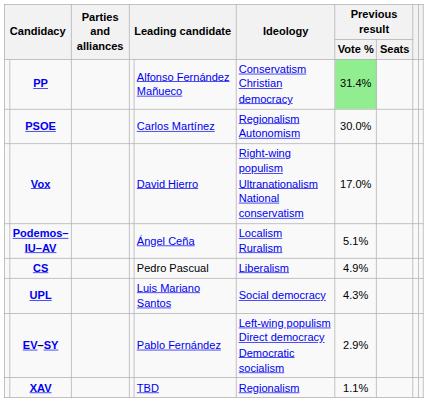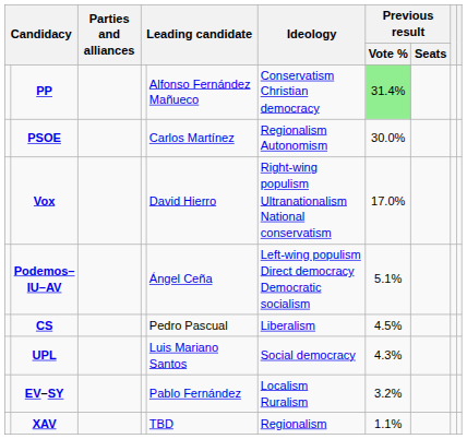 <table class="wikitable" style="line-height:1.35em; text-align:left;">
 <tr>
 <th colspan="2" rowspan="2">Candidacy</th>
 <th rowspan="2">Parties and<br>alliances</th>
 <th colspan="2" rowspan="2">Leading candidate</th>
 <th rowspan="2">Ideology</th>
 <th colspan="2">Previous result</th>
 <th rowspan="2"></th>
 <th rowspan="2"></th>
 </tr>
 <tr>
 <th>Vote %</th>
 <th>Seats</th>
 </tr>
 <tr>
 <td width="1" style="color:inherit;background:"></td>
 <td align="center"><strong><a href='#'>PP</a></strong></td>
 <td></td>
 <td></td>
 <td><a href='#'>Alfonso Fernández Mañueco</a></td>
 <td><a href='#'>Conservatism</a><br><a href='#'>Christian democracy</a></td>
 <td align="center" style="background: lightgreen;">31.4%</td>
 <td></td>
 <td></td>
 <td></td>
 </tr>
 <tr>
 <td style="color:inherit;background:"></td>
 <td align="center"><strong><a href='#'>PSOE</a></strong></td>
 <td></td>
 <td></td>
 <td><a href='#'>Carlos Martínez</a></td>
 <td><a href='#'>Regionalism</a><br><a href='#'>Autonomism</a></td>
 <td align="center">30.0%</td>
 <td></td>
 <td></td>
 <td><br><br></td>
 </tr>
 <tr>
 <td style="color:inherit;background:"></td>
 <td align="center"><strong><a href='#'>Vox</a></strong></td>
 <td></td>
 <td></td>
 <td><a href='#'>David Hierro</a></td>
 <td><a href='#'>Right-wing populism</a><br><a href='#'>Ultranationalism</a><br><a href='#'>National conservatism</a></td>
 <td align="center">17.0%</td>
 <td></td>
 <td></td>
 <td><br></td>
 </tr>
 <tr>
 <td style="color:inherit;background:"></td>
 <td align="center"><strong><a href='#'>Podemos–<br>IU–AV</a></strong></td>
 <td></td>
 <td></td>
 <td><a href='#'>Ángel Ceña</a></td>
-<td><a href='#'>Localism</a><br><a href='#'>Ruralism</a></td>
+<td><a href='#'>Left-wing populism</a><br><a href='#'>Direct democracy</a><br><a href='#'>Democratic socialism</a></td>
 <td align="center">5.1%</td>
 <td></td>
 <td></td>
 <td></td>
 </tr>
 <tr>
 <td style="color:inherit;background:"></td>
 <td align="center"><strong><a href='#'>CS</a></strong></td>
 <td></td>
 <td></td>
 <td>Pedro Pascual</td>
 <td><a href='#'>Liberalism</a></td>
-<td align="center">4.9%</td>
+<td align="center">4.5%</td>
 <td></td>
 <td></td>
 <td></td>
 </tr>
 <tr>
 <td style="color:inherit;background:"></td>
 <td align="center"><strong><a href='#'>UPL</a></strong></td>
 <td></td>
 <td></td>
 <td><a href='#'>Luis Mariano Santos</a></td>
 <td><a href='#'>Social democracy</a></td>
 <td align="center">4.3%</td>
 <td></td>
 <td></td>
 <td></td>
 </tr>
 <tr>
 <td style="color:inherit;background:"></td>
 <td align="center"><strong><a href='#'>EV</a>–<a href='#'>SY</a></strong></td>
 <td></td>
 <td></td>
 <td><a href='#'>Pablo Fernández</a></td>
-<td><a href='#'>Left-wing populism</a><br><a href='#'>Direct democracy</a><br><a href='#'>Democratic socialism</a></td>
-<td align="center">2.9%</td>
+<td><a href='#'>Localism</a><br><a href='#'>Ruralism</a></td>
+<td align="center">3.2%</td>
 <td></td>
 <td></td>
 <td></td>
 </tr>
 <tr>
 <td style="color:inherit;background:"></td>
 <td align="center"><strong><a href='#'>XAV</a></strong></td>
 <td></td>
 <td></td>
 <td><a href='#'>TBD</a></td>
 <td><a href='#'>Regionalism</a></td>
 <td align="center">1.1%</td>
 <td></td>
 <td></td>
 <td></td>
 </tr>
 </table>
